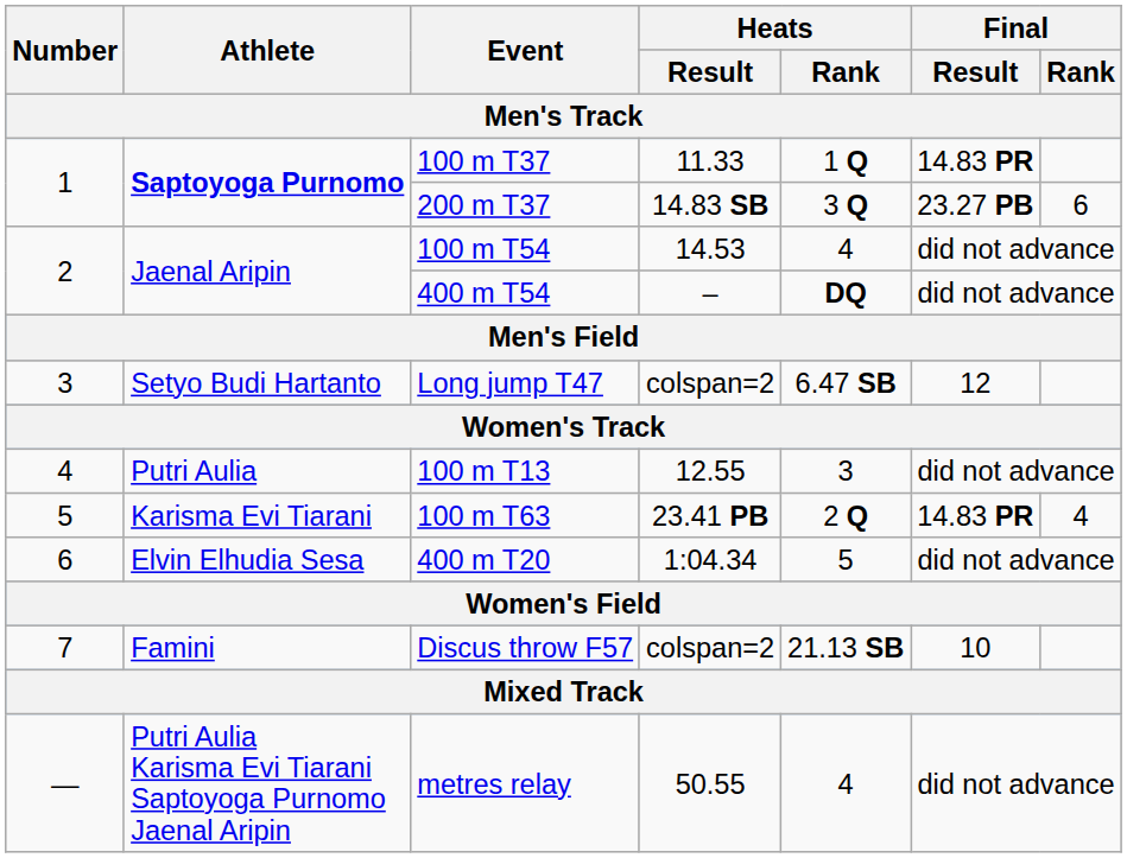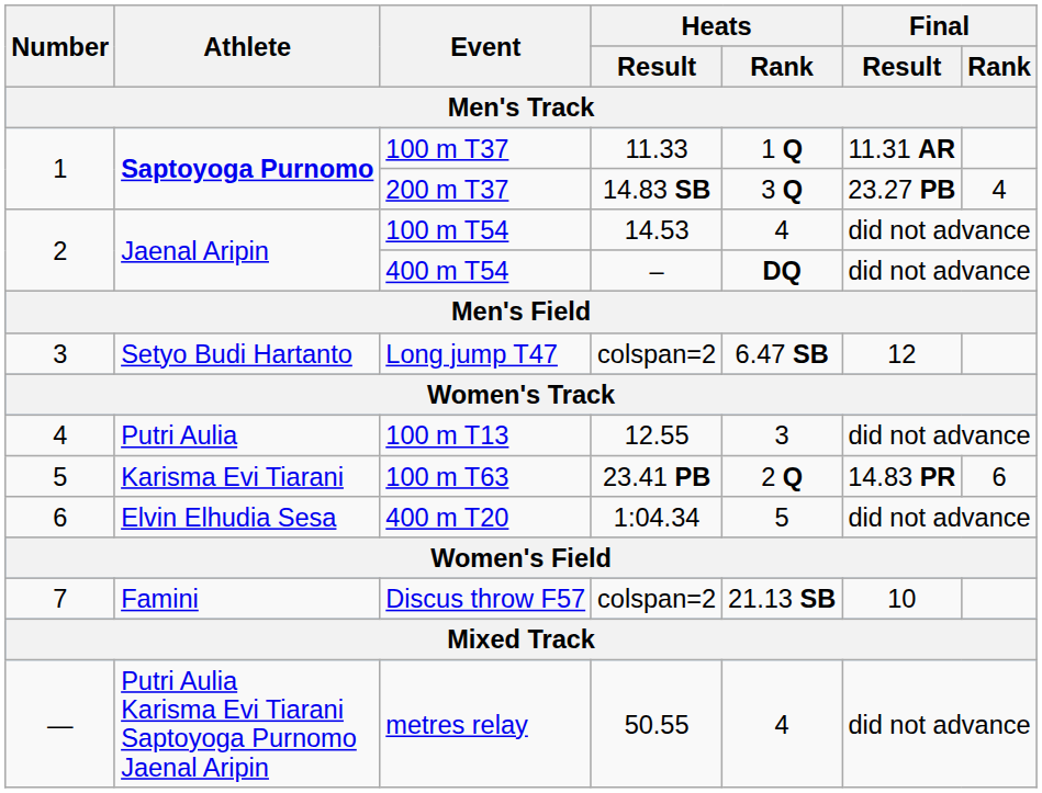 <table class=wikitable style="font-size:95%">
 <tr>
 <th rowspan="2">Number</th>
 <th rowspan="2">Athlete</th>
 <th rowspan="2">Event</th>
 <th colspan="2">Heats</th>
 <th colspan="3">Final</th>
 </tr>
 <tr>
 <th>Result</th>
 <th>Rank</th>
 <th>Result</th>
 <th>Rank</th>
 </tr>
 <tr style="background:#9acdff;">
 <th colspan=7>Men's Track</th>
 </tr>
 <tr align=center>
 <td align=center rowspan=2>1</td>
 <td align=left rowspan=2><strong><a href='#'>Saptoyoga Purnomo</a></strong></td>
 <td align=left><a href='#'>100 m T37</a></td>
 <td>11.33</td>
 <td>1 <strong>Q</strong></td>
-<td>14.83 <strong>PR</strong></td>
+<td>11.31 <strong>AR</strong></td>
 <td></td>
 </tr>
 <tr align=center>
 <td align=left><a href='#'>200 m T37</a></td>
 <td>14.83 <strong>SB</strong></td>
 <td>3 <strong>Q</strong></td>
 <td>23.27 <strong>PB</strong></td>
-<td>6</td>
+<td>4</td>
 </tr>
 <tr align=center>
 <td align=center rowspan=2>2</td>
 <td align=left rowspan=2><a href='#'>Jaenal Aripin</a></td>
 <td align=left><a href='#'>100 m T54</a></td>
 <td>14.53</td>
 <td>4</td>
 <td colspan=2>did not advance</td>
 </tr>
 <tr align=center>
 <td align=left><a href='#'>400 m T54</a></td>
 <td>–</td>
 <td><strong>DQ</strong></td>
 <td colspan=2>did not advance</td>
 </tr>
 <tr style="background:#9acdff;">
 <th colspan=7>Men's Field</th>
 </tr>
 <tr align=center>
 <td align=center>3</td>
 <td align=left><a href='#'>Setyo Budi Hartanto</a></td>
 <td align=left><a href='#'>Long jump T47</a></td>
 <td>colspan=2 </td>
 <td>6.47 <strong>SB</strong></td>
 <td>12</td>
 </tr>
 <tr style="background:#9acdff;">
 <th colspan=7>Women's Track</th>
 </tr>
 <tr align=center>
 <td align=center>4</td>
 <td align=left><a href='#'>Putri Aulia</a></td>
 <td align=left><a href='#'>100 m T13</a></td>
 <td>12.55</td>
 <td>3</td>
 <td colspan=2>did not advance</td>
 </tr>
 <tr align=center>
 <td align=center>5</td>
 <td align=left><a href='#'>Karisma Evi Tiarani</a></td>
 <td align=left><a href='#'>100 m T63</a></td>
 <td>23.41 <strong>PB</strong></td>
 <td>2 <strong>Q</strong></td>
 <td>14.83 <strong>PR</strong></td>
-<td>4</td>
+<td>6</td>
 </tr>
 <tr align=center>
 <td align=center>6</td>
 <td align=left><a href='#'>Elvin Elhudia Sesa</a></td>
 <td align=left><a href='#'>400 m T20</a></td>
 <td>1:04.34</td>
 <td>5</td>
 <td colspan=2>did not advance</td>
 </tr>
 <tr style="background:#9acdff;">
 <th colspan=7>Women's Field</th>
 </tr>
 <tr align=center>
 <td align=center>7</td>
 <td align=left><a href='#'>Famini</a></td>
 <td align=left><a href='#'>Discus throw F57</a></td>
 <td>colspan=2 </td>
 <td>21.13 <strong>SB</strong></td>
 <td>10</td>
 </tr>
 <tr style="background:#9acdff;">
 <th colspan=7>Mixed Track</th>
 </tr>
 <tr align=center>
 <td align=center>—</td>
 <td align=left><a href='#'>Putri Aulia</a><br><a href='#'>Karisma Evi Tiarani</a><br><a href='#'>Saptoyoga Purnomo</a><br><a href='#'>Jaenal Aripin</a></td>
 <td align=left><a href='#'> metres relay</a></td>
 <td>50.55</td>
 <td>4</td>
 <td colspan=2>did not advance</td>
 </tr>
 </table>
